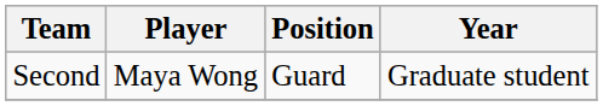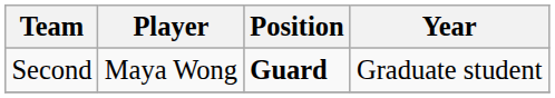 <table class="wikitable" border="1">
 <tr align=center>
 <th style= >Team</th>
 <th style= >Player</th>
 <th style= >Position</th>
 <th style= >Year</th>
 </tr>
 <tr>
 <td>Second</td>
 <td>Maya Wong</td>
-<td>Guard</td>
+<td><strong>Guard</strong></td>
 <td>Graduate student</td>
 </tr>
 <tr>
 </tr>
 </table>
